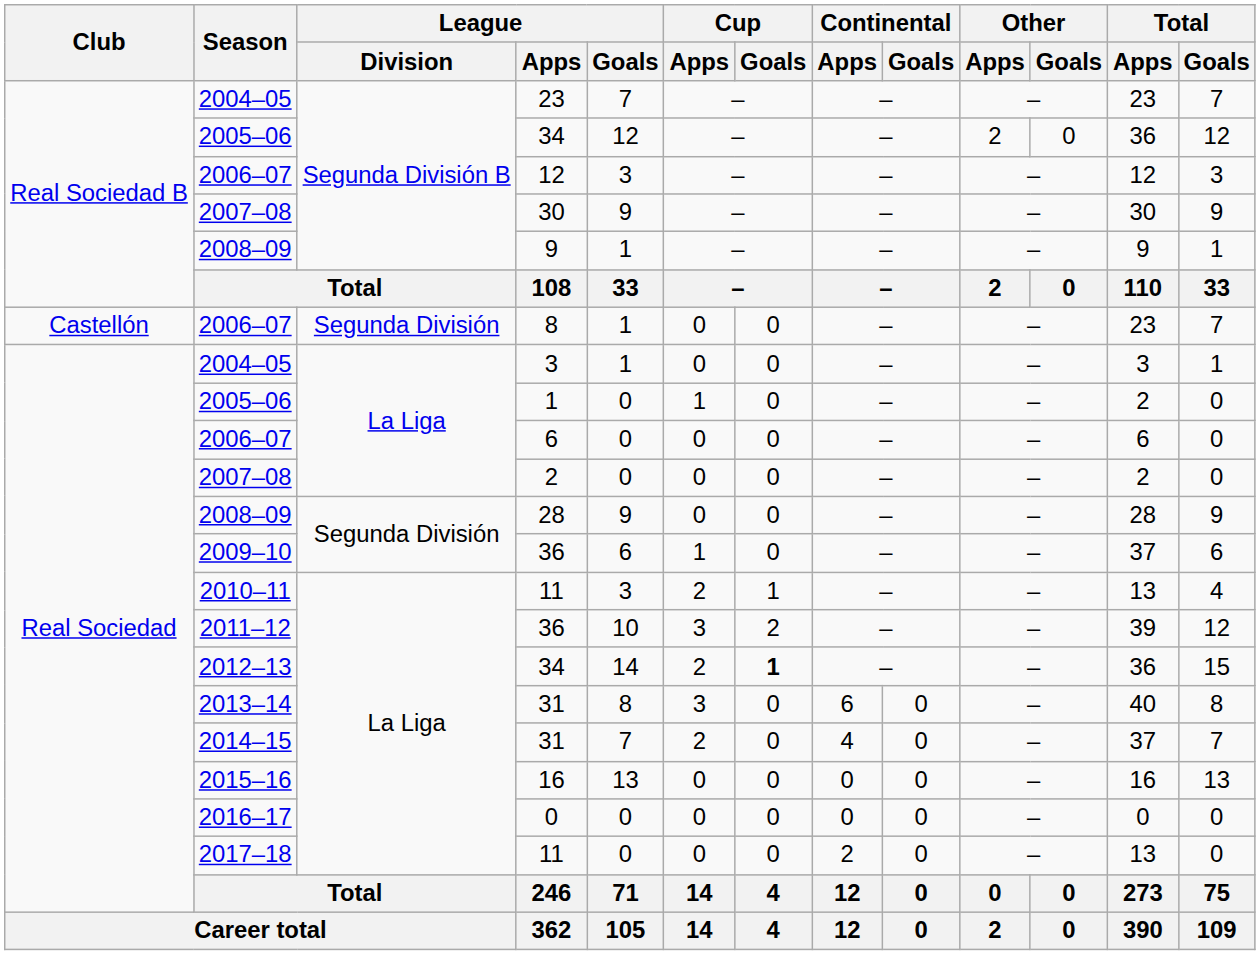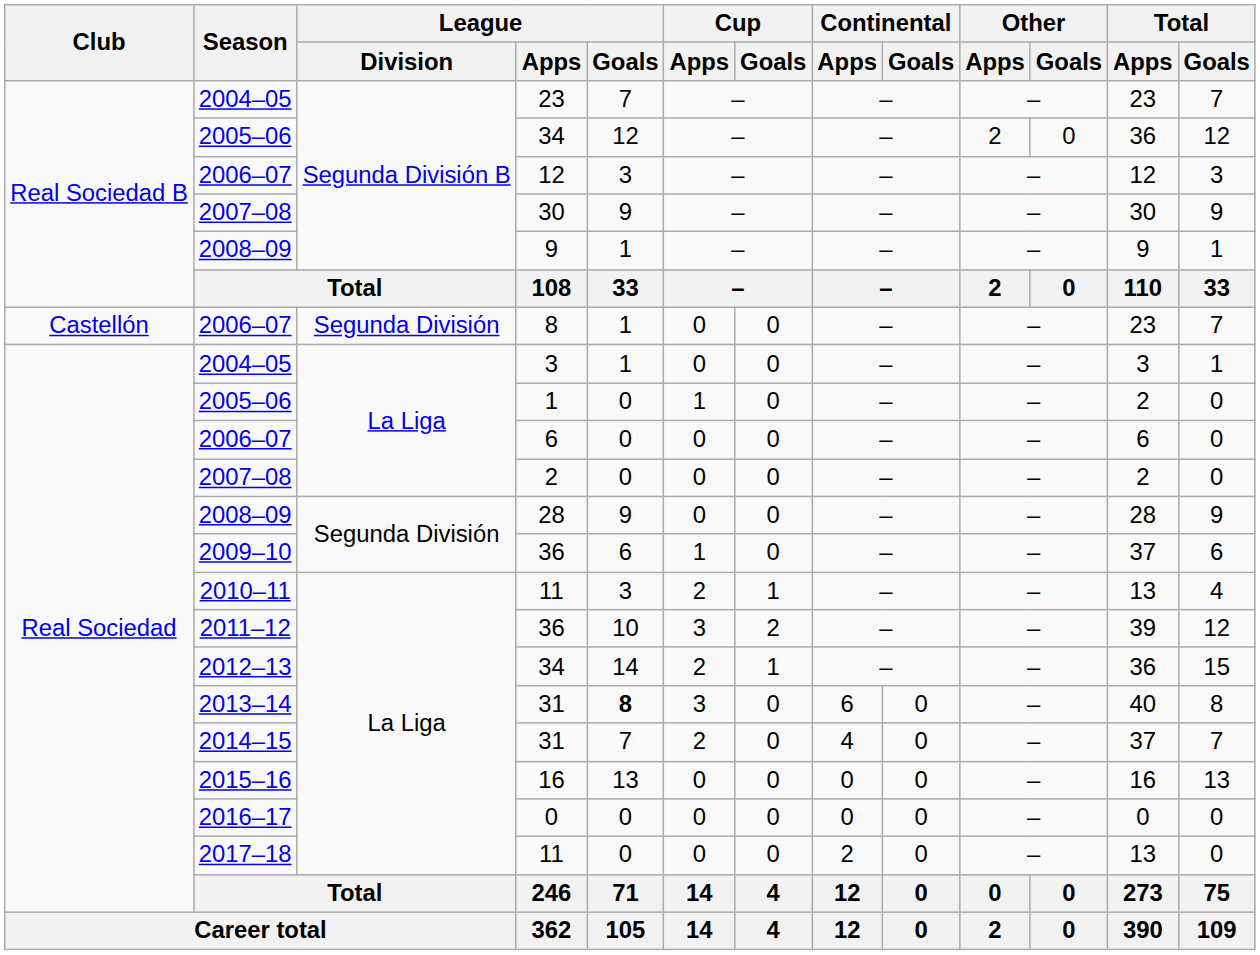 <table class="wikitable" style="text-align: center">
 <tr>
 <th rowspan="2">Club</th>
 <th rowspan="2">Season</th>
 <th colspan="3">League</th>
 <th colspan="2">Cup</th>
 <th colspan="2">Continental</th>
 <th colspan="2">Other</th>
 <th colspan="2">Total</th>
 </tr>
 <tr>
 <th>Division</th>
 <th>Apps</th>
 <th>Goals</th>
 <th>Apps</th>
 <th>Goals</th>
 <th>Apps</th>
 <th>Goals</th>
 <th>Apps</th>
 <th>Goals</th>
 <th>Apps</th>
 <th>Goals</th>
 </tr>
 <tr>
 <td rowspan="6"><a href='#'>Real Sociedad B</a></td>
 <td><a href='#'>2004–05</a></td>
 <td rowspan="5"><a href='#'>Segunda División B</a></td>
 <td>23</td>
 <td>7</td>
 <td colspan="2">–</td>
 <td colspan="2">–</td>
 <td colspan="2">–</td>
 <td>23</td>
 <td>7</td>
 </tr>
 <tr>
 <td><a href='#'>2005–06</a></td>
 <td>34</td>
 <td>12</td>
 <td colspan="2">–</td>
 <td colspan="2">–</td>
 <td>2</td>
 <td>0</td>
 <td>36</td>
 <td>12</td>
 </tr>
 <tr>
 <td><a href='#'>2006–07</a></td>
 <td>12</td>
 <td>3</td>
 <td colspan="2">–</td>
 <td colspan="2">–</td>
 <td colspan="2">–</td>
 <td>12</td>
 <td>3</td>
 </tr>
 <tr>
 <td><a href='#'>2007–08</a></td>
 <td>30</td>
 <td>9</td>
 <td colspan="2">–</td>
 <td colspan="2">–</td>
 <td colspan="2">–</td>
 <td>30</td>
 <td>9</td>
 </tr>
 <tr>
 <td><a href='#'>2008–09</a></td>
 <td>9</td>
 <td>1</td>
 <td colspan="2">–</td>
 <td colspan="2">–</td>
 <td colspan="2">–</td>
 <td>9</td>
 <td>1</td>
 </tr>
 <tr>
 <th colspan="2">Total</th>
 <th>108</th>
 <th>33</th>
 <th colspan="2">–</th>
 <th colspan="2">–</th>
 <th>2</th>
 <th>0</th>
 <th>110</th>
 <th>33</th>
 </tr>
 <tr>
 <td><a href='#'>Castellón</a></td>
 <td><a href='#'>2006–07</a></td>
 <td><a href='#'>Segunda División</a></td>
 <td>8</td>
 <td>1</td>
 <td>0</td>
 <td>0</td>
 <td colspan="2">–</td>
 <td colspan="2">–</td>
 <td>23</td>
 <td>7</td>
 </tr>
 <tr>
 <td rowspan="15"><a href='#'>Real Sociedad</a></td>
 <td><a href='#'>2004–05</a></td>
 <td rowspan="4"><a href='#'>La Liga</a></td>
 <td>3</td>
 <td>1</td>
 <td>0</td>
 <td>0</td>
 <td colspan="2">–</td>
 <td colspan="2">–</td>
 <td>3</td>
 <td>1</td>
 </tr>
 <tr>
 <td><a href='#'>2005–06</a></td>
 <td>1</td>
 <td>0</td>
 <td>1</td>
 <td>0</td>
 <td colspan="2">–</td>
 <td colspan="2">–</td>
 <td>2</td>
 <td>0</td>
 </tr>
 <tr>
 <td><a href='#'>2006–07</a></td>
 <td>6</td>
 <td>0</td>
 <td>0</td>
 <td>0</td>
 <td colspan="2">–</td>
 <td colspan="2">–</td>
 <td>6</td>
 <td>0</td>
 </tr>
 <tr>
 <td><a href='#'>2007–08</a></td>
 <td>2</td>
 <td>0</td>
 <td>0</td>
 <td>0</td>
 <td colspan="2">–</td>
 <td colspan="2">–</td>
 <td>2</td>
 <td>0</td>
 </tr>
 <tr>
 <td><a href='#'>2008–09</a></td>
 <td rowspan="2">Segunda División</td>
 <td>28</td>
 <td>9</td>
 <td>0</td>
 <td>0</td>
 <td colspan="2">–</td>
 <td colspan="2">–</td>
 <td>28</td>
 <td>9</td>
 </tr>
 <tr>
 <td><a href='#'>2009–10</a></td>
 <td>36</td>
 <td>6</td>
 <td>1</td>
 <td>0</td>
 <td colspan="2">–</td>
 <td colspan="2">–</td>
 <td>37</td>
 <td>6</td>
 </tr>
 <tr>
 <td><a href='#'>2010–11</a></td>
 <td rowspan="8">La Liga</td>
 <td>11</td>
 <td>3</td>
 <td>2</td>
 <td>1</td>
 <td colspan="2">–</td>
 <td colspan="2">–</td>
 <td>13</td>
 <td>4</td>
 </tr>
 <tr>
 <td><a href='#'>2011–12</a></td>
 <td>36</td>
 <td>10</td>
 <td>3</td>
 <td>2</td>
 <td colspan="2">–</td>
 <td colspan="2">–</td>
 <td>39</td>
 <td>12</td>
 </tr>
 <tr>
 <td><a href='#'>2012–13</a></td>
 <td>34</td>
 <td>14</td>
 <td>2</td>
-<td><strong>1</strong></td>
+<td>1</td>
 <td colspan="2">–</td>
 <td colspan="2">–</td>
 <td>36</td>
 <td>15</td>
 </tr>
 <tr>
 <td><a href='#'>2013–14</a></td>
 <td>31</td>
-<td>8</td>
+<td><strong>8</strong></td>
 <td>3</td>
 <td>0</td>
 <td>6</td>
 <td>0</td>
 <td colspan="2">–</td>
 <td>40</td>
 <td>8</td>
 </tr>
 <tr>
 <td><a href='#'>2014–15</a></td>
 <td>31</td>
 <td>7</td>
 <td>2</td>
 <td>0</td>
 <td>4</td>
 <td>0</td>
 <td colspan="2">–</td>
 <td>37</td>
 <td>7</td>
 </tr>
 <tr>
 <td><a href='#'>2015–16</a></td>
 <td>16</td>
 <td>13</td>
 <td>0</td>
 <td>0</td>
 <td>0</td>
 <td>0</td>
 <td colspan="2">–</td>
 <td>16</td>
 <td>13</td>
 </tr>
 <tr>
 <td><a href='#'>2016–17</a></td>
 <td>0</td>
 <td>0</td>
 <td>0</td>
 <td>0</td>
 <td>0</td>
 <td>0</td>
 <td colspan="2">–</td>
 <td>0</td>
 <td>0</td>
 </tr>
 <tr>
 <td><a href='#'>2017–18</a></td>
 <td>11</td>
 <td>0</td>
 <td>0</td>
 <td>0</td>
 <td>2</td>
 <td>0</td>
 <td colspan="2">–</td>
 <td>13</td>
 <td>0</td>
 </tr>
 <tr>
 <th colspan="2">Total</th>
 <th>246</th>
 <th>71</th>
 <th>14</th>
 <th>4</th>
 <th>12</th>
 <th>0</th>
 <th>0</th>
 <th>0</th>
 <th>273</th>
 <th>75</th>
 </tr>
 <tr>
 <th colspan="3">Career total</th>
 <th>362</th>
 <th>105</th>
 <th>14</th>
 <th>4</th>
 <th>12</th>
 <th>0</th>
 <th>2</th>
 <th>0</th>
 <th>390</th>
 <th>109</th>
 </tr>
 </table>
